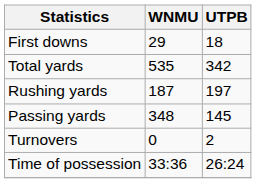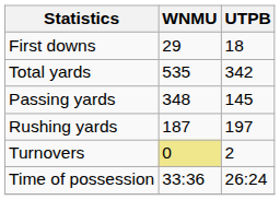 <table class="wikitable" style="float: left;">
 <tr>
 <th>Statistics</th>
 <th>WNMU</th>
 <th>UTPB</th>
 </tr>
 <tr>
 <td>First downs</td>
 <td>29</td>
 <td>18</td>
 </tr>
 <tr>
 <td>Total yards</td>
 <td>535</td>
 <td>342</td>
 </tr>
 <tr>
+<td>Passing yards</td>
+<td>348</td>
+<td>145</td>
+</tr>
+<tr>
 <td>Rushing yards</td>
 <td>187</td>
 <td>197</td>
 </tr>
 <tr>
-<td>Passing yards</td>
-<td>348</td>
-<td>145</td>
-</tr>
-<tr>
 <td>Turnovers</td>
-<td>0</td>
+<td style="background: khaki;">0</td>
 <td>2</td>
 </tr>
 <tr>
 <td>Time of possession</td>
 <td>33:36</td>
 <td>26:24</td>
 </tr>
 <tr>
 </tr>
 </table>
